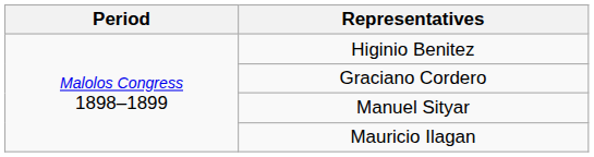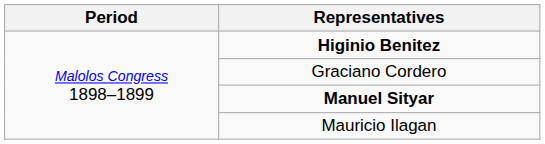 <table class="wikitable" style="text-align:center; width:40%;">
 <tr>
 <th width="40%">Period</th>
 <th>Representatives</th>
 </tr>
 <tr>
 <td rowspan="4"><small><em><a href='#'>Malolos Congress</a></em></small><br>1898–1899</td>
-<td>Higinio Benitez</td>
+<td><strong>Higinio Benitez</strong></td>
 </tr>
 <tr>
 <td>Graciano Cordero</td>
 </tr>
 <tr>
-<td>Manuel Sityar</td>
+<td><strong>Manuel Sityar</strong></td>
 </tr>
 <tr>
 <td>Mauricio Ilagan</td>
 </tr>
 </table>
